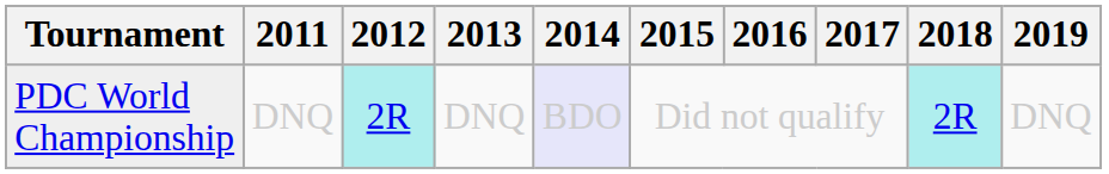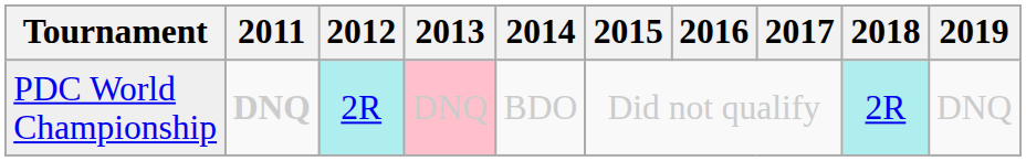 <table class="wikitable" style="width:30%; margin:0">
 <tr>
 <th>Tournament</th>
 <th>2011</th>
 <th>2012</th>
 <th>2013</th>
 <th>2014</th>
 <th>2015</th>
 <th>2016</th>
 <th>2017</th>
 <th>2018</th>
 <th>2019</th>
 </tr>
 <tr>
 <td style="background:#efefef;"><a href='#'>PDC World Championship</a></td>
-<td colspan='1' style="text-align:center; color:#ccc;">DNQ</td>
+<td colspan='1' style="text-align:center; color:#ccc;"><strong>DNQ</strong></td>
 <td style="text-align:center; background:#afeeee;"><a href='#'>2R</a></td>
-<td colspan='1' style="text-align:center; color:#ccc;">DNQ</td>
-<td colspan='1' style="background: lavender; text-align:center; color:#ccc;">BDO</td>
+<td colspan='1' style="background: pink; text-align:center; color:#ccc;">DNQ</td>
+<td colspan='1' style="text-align:center; color:#ccc;">BDO</td>
 <td colspan='3' style="text-align:center; color:#ccc;">Did not qualify</td>
 <td style="text-align:center; background:#afeeee;"><a href='#'>2R</a></td>
 <td colspan='1' style="text-align:center; color:#ccc;">DNQ</td>
 </tr>
 </table>
